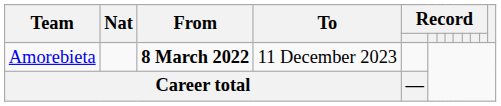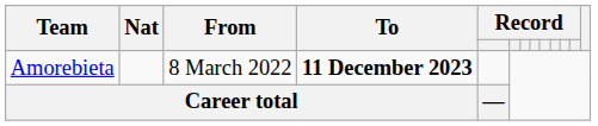 <table class="wikitable" style="text-align: center">
 <tr>
 <th rowspan="2">Team</th>
 <th rowspan="2">Nat</th>
 <th rowspan="2">From</th>
 <th rowspan="2">To</th>
 <th colspan="8">Record</th>
 <th rowspan=2></th>
 </tr>
 <tr>
 <th></th>
 <th></th>
 <th></th>
 <th></th>
 <th></th>
 <th></th>
 <th></th>
 <th></th>
 </tr>
 <tr>
 <td align="left"><a href='#'>Amorebieta</a></td>
 <td></td>
-<td align=left><strong>8 March 2022</strong></td>
-<td align=left>11 December 2023<br></td>
+<td align=left>8 March 2022</td>
+<td align=left><strong>11 December 2023<br></strong></td>
 <td></td>
 </tr>
 <tr>
 <th colspan=4>Career total<br></th>
 <th>—</th>
 </tr>
 </table>
